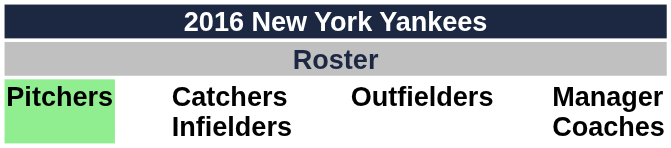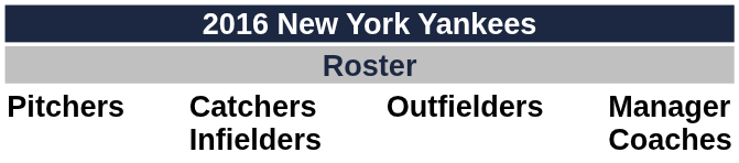 <table class="toccolours" style="font-size: 95%;">
 <tr>
 <th colspan="10" style="background:#1c2841; color:white; text-align:center;">2016 New York Yankees</th>
 </tr>
 <tr>
 <td colspan="10" style="background:silver; color:#1c2841; text-align:center;"><strong>Roster</strong></td>
 </tr>
 <tr>
-<td valign="top" style="background: lightgreen;"><strong>Pitchers</strong><br>                            </td>
+<td valign="top"><strong>Pitchers</strong><br>                            </td>
 <td style="width:25px;"></td>
 <td valign="top"><strong>Catchers</strong><br>   <strong>Infielders</strong>             </td>
 <td style="width:25px;"></td>
 <td valign="top"><strong>Outfielders</strong><br>       </td>
 <td style="width:25px;"></td>
 <td valign="top"><strong>Manager</strong><br> <strong>Coaches</strong>                </td>
 </tr>
 </table>
